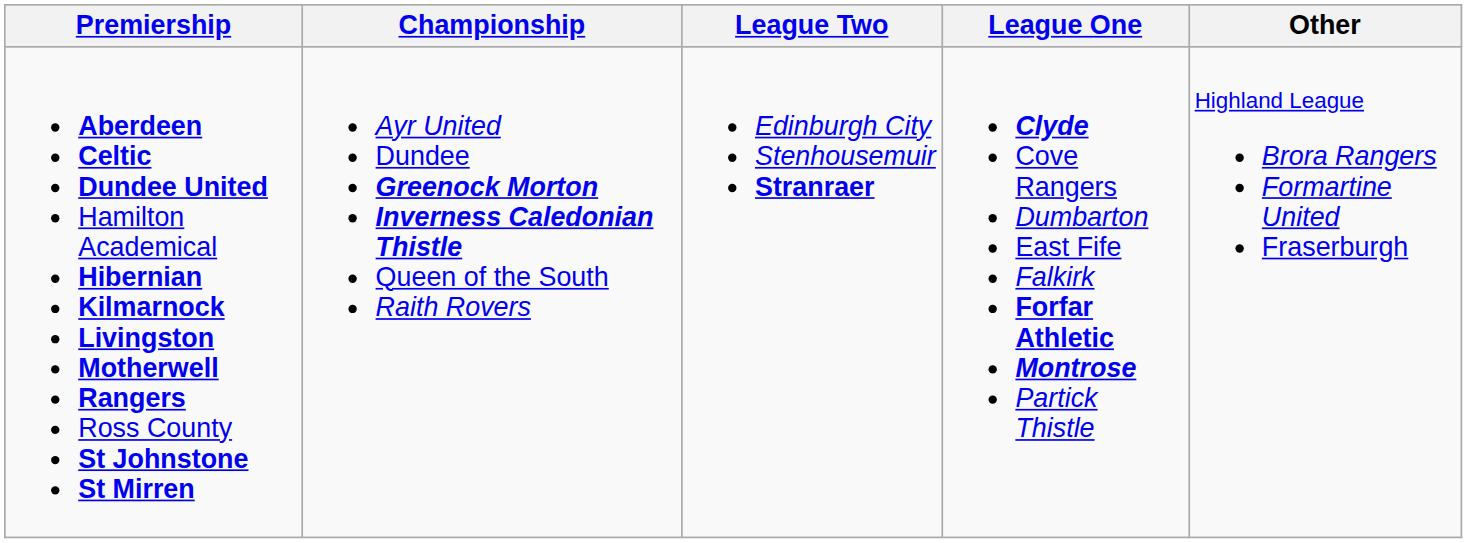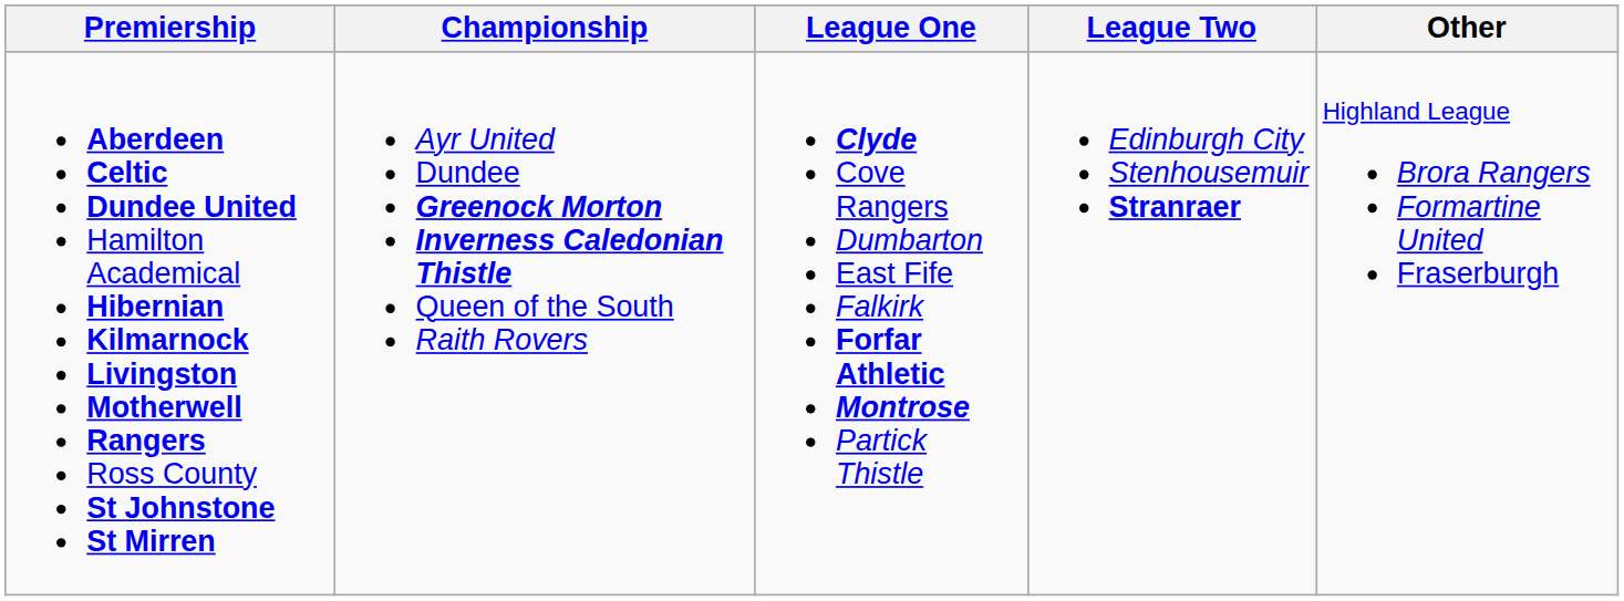 <table class="wikitable" style="text-align:left">
 <tr>
 <th><a href='#'>Premiership</a></th>
 <th><a href='#'>Championship</a></th>
+<th><a href='#'>League One</a></th>
 <th><a href='#'>League Two</a></th>
-<th><a href='#'>League One</a></th>
 <th>Other</th>
 </tr>
 <tr>
 <td valign=top><br><ul><li><strong><a href='#'>Aberdeen</a></strong></li><li><strong><a href='#'>Celtic</a></strong></li><li><strong><a href='#'>Dundee United</a></strong></li><li><a href='#'>Hamilton Academical</a></li><li><strong><a href='#'>Hibernian</a></strong></li><li><strong><a href='#'>Kilmarnock</a></strong></li><li><strong><a href='#'>Livingston</a></strong></li><li><strong><a href='#'>Motherwell</a></strong></li><li><strong><a href='#'>Rangers</a></strong></li><li><a href='#'>Ross County</a></li><li><strong><a href='#'>St Johnstone</a></strong></li><li><strong><a href='#'>St Mirren</a></strong></li></ul></td>
 <td valign=top><br><ul><li><em><a href='#'>Ayr United</a></em></li><li><a href='#'>Dundee</a></li><li><strong><em><a href='#'>Greenock Morton</a></em></strong></li><li><strong><em><a href='#'>Inverness Caledonian Thistle</a></em></strong></li><li><a href='#'>Queen of the South</a></li><li><em><a href='#'>Raith Rovers</a></em></li></ul></td>
+<td valign=top><br><ul><li><strong><em><a href='#'>Clyde</a></em></strong></li><li><a href='#'>Cove Rangers</a></li><li><em><a href='#'>Dumbarton</a></em></li><li><a href='#'>East Fife</a></li><li><em><a href='#'>Falkirk</a></em></li><li><strong><a href='#'>Forfar Athletic</a></strong></li><li><strong><em><a href='#'>Montrose</a></em></strong></li><li><em><a href='#'>Partick Thistle</a></em></li></ul></td>
 <td valign=top><br><ul><li><em><a href='#'>Edinburgh City</a></em></li><li><em><a href='#'>Stenhousemuir</a></em></li><li><strong><a href='#'>Stranraer</a></strong></li></ul></td>
-<td valign=top><br><ul><li><strong><em><a href='#'>Clyde</a></em></strong></li><li><a href='#'>Cove Rangers</a></li><li><em><a href='#'>Dumbarton</a></em></li><li><a href='#'>East Fife</a></li><li><em><a href='#'>Falkirk</a></em></li><li><strong><a href='#'>Forfar Athletic</a></strong></li><li><strong><em><a href='#'>Montrose</a></em></strong></li><li><em><a href='#'>Partick Thistle</a></em></li></ul></td>
 <td valign=top><br><small><a href='#'>Highland League</a></small><ul><li><em><a href='#'>Brora Rangers</a></em></li><li><em><a href='#'>Formartine United</a></em></li><li><a href='#'>Fraserburgh</a></li></ul></td>
 </tr>
 </table>
